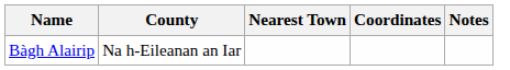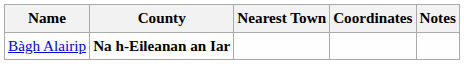 <table class="wikitable sortable" style="table-layout:fixed;background-color:#FEFEFE;font-size:95%;padding:0.30em;line-height:1.35em;">
 <tr>
 <th scope="col">Name</th>
 <th scope="col">County</th>
 <th scope="col">Nearest Town</th>
 <th scope="col" data-sort-type="number">Coordinates</th>
 <th scope="col">Notes</th>
 </tr>
 <tr>
 <td><a href='#'>Bàgh Alairip</a></td>
-<td>Na h-Eileanan an Iar</td>
+<td><strong>Na h-Eileanan an Iar</strong></td>
 <td></td>
 <td></td>
 <td></td>
 </tr>
 <tr>
 </tr>
 </table>
